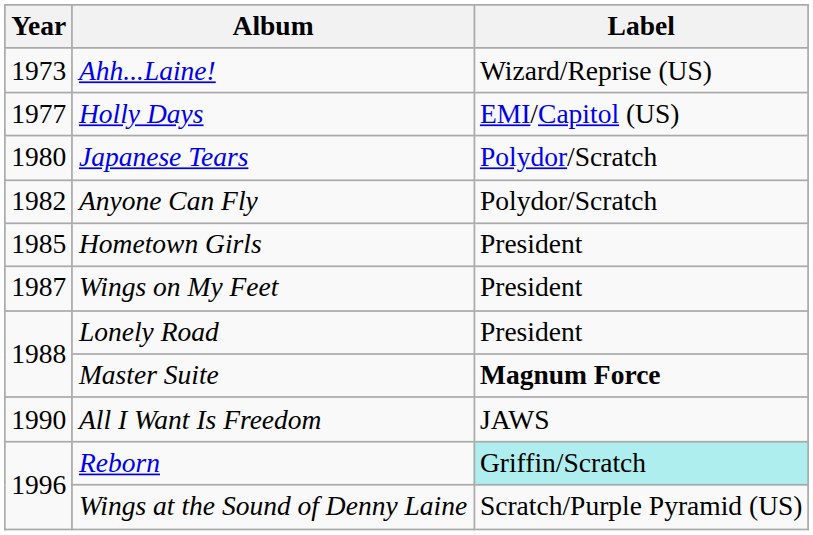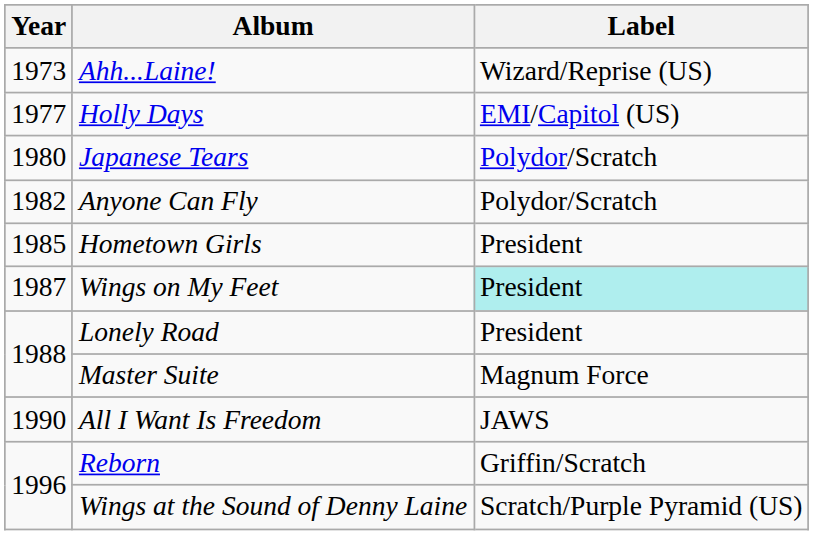 <table class="wikitable">
 <tr>
 <th>Year</th>
 <th>Album</th>
 <th>Label</th>
 </tr>
 <tr>
 <td>1973</td>
 <td><em><a href='#'>Ahh...Laine!</a></em></td>
 <td>Wizard/Reprise (US)</td>
 </tr>
 <tr>
 <td>1977</td>
 <td><em><a href='#'>Holly Days</a></em></td>
 <td><a href='#'>EMI</a>/<a href='#'>Capitol</a> (US)</td>
 </tr>
 <tr>
 <td>1980</td>
 <td><em><a href='#'>Japanese Tears</a></em></td>
 <td><a href='#'>Polydor</a>/Scratch</td>
 </tr>
 <tr>
 <td>1982</td>
 <td><em>Anyone Can Fly</em></td>
 <td>Polydor/Scratch</td>
 </tr>
 <tr>
 <td>1985</td>
 <td><em>Hometown Girls</em></td>
 <td>President</td>
 </tr>
 <tr>
 <td>1987</td>
 <td><em>Wings on My Feet</em></td>
-<td>President</td>
+<td style="background: paleturquoise;">President</td>
 </tr>
 <tr>
 <td rowspan="2">1988</td>
 <td><em>Lonely Road</em></td>
 <td>President</td>
 </tr>
 <tr>
 <td><em>Master Suite</em></td>
-<td><strong>Magnum Force</strong></td>
+<td>Magnum Force</td>
 </tr>
 <tr>
 <td>1990</td>
 <td><em>All I Want Is Freedom</em></td>
 <td>JAWS</td>
 </tr>
 <tr>
 <td rowspan="2">1996</td>
 <td><em><a href='#'>Reborn</a></em></td>
-<td style="background: paleturquoise;">Griffin/Scratch</td>
+<td>Griffin/Scratch</td>
 </tr>
 <tr>
 <td><em>Wings at the Sound of Denny Laine</em></td>
 <td>Scratch/Purple Pyramid (US)</td>
 </tr>
 </table>
